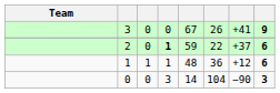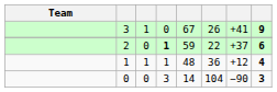 <table class="wikitable" style="text-align:center;">
 <tr>
 <th style="width:10.5em;">Team</th>
 <th style="width:1.5em;"></th>
 <th style="width:1.5em;"></th>
 <th style="width:1.5em;"></th>
 <th style="width:2.0em;"></th>
 <th style="width:2.0em;"></th>
 <th style="width:2.0em;"></th>
 <th style="width:1.5em;"></th>
 </tr>
 <tr bgcolor=#cfc>
 <td align="left"></td>
 <td>3</td>
-<td>0</td>
+<td>1</td>
 <td>0</td>
 <td>67</td>
 <td>26</td>
 <td>+41</td>
 <td><strong>9</strong></td>
 </tr>
 <tr>
 </tr>
 <tr bgcolor=#cfc>
 <td align="left"></td>
 <td>2</td>
 <td>0</td>
 <td><strong>1</strong></td>
 <td>59</td>
 <td>22</td>
 <td>+37</td>
 <td><strong>6</strong></td>
 </tr>
 <tr>
 <td align="left"></td>
 <td>1</td>
 <td>1</td>
 <td>1</td>
 <td>48</td>
 <td>36</td>
 <td>+12</td>
-<td><strong>6</strong></td>
+<td><strong>4</strong></td>
 </tr>
 <tr>
 <td align="left"></td>
 <td>0</td>
 <td>0</td>
 <td>3</td>
 <td>14</td>
 <td>104</td>
 <td>−90</td>
 <td><strong>3</strong></td>
 </tr>
 </table>
